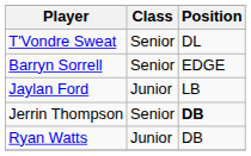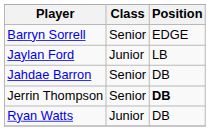 <table class="wikitable">
 <tr style="text-align:center; ">
 </tr>
 <tr>
 <th style="text-align:center; ">Player</th>
 <th style="text-align:center; ">Class</th>
 <th style="text-align:center; ">Position</th>
-</tr>
-<tr>
-<td><a href='#'>T'Vondre Sweat</a></td>
-<td>Senior</td>
-<td>DL</td>
 </tr>
 <tr>
 <td><a href='#'>Barryn Sorrell</a></td>
 <td>Senior</td>
 <td>EDGE</td>
 </tr>
 <tr>
 <td><a href='#'>Jaylan Ford</a></td>
 <td>Junior</td>
 <td>LB</td>
+</tr>
+<tr>
+<td><a href='#'>Jahdae Barron</a></td>
+<td>Senior</td>
+<td>DB</td>
 </tr>
 <tr>
 <td>Jerrin Thompson</td>
 <td>Senior</td>
 <td><strong>DB</strong></td>
 </tr>
 <tr>
 <td><a href='#'>Ryan Watts</a></td>
 <td>Junior</td>
 <td>DB</td>
 </tr>
 <tr>
 </tr>
 </table>
